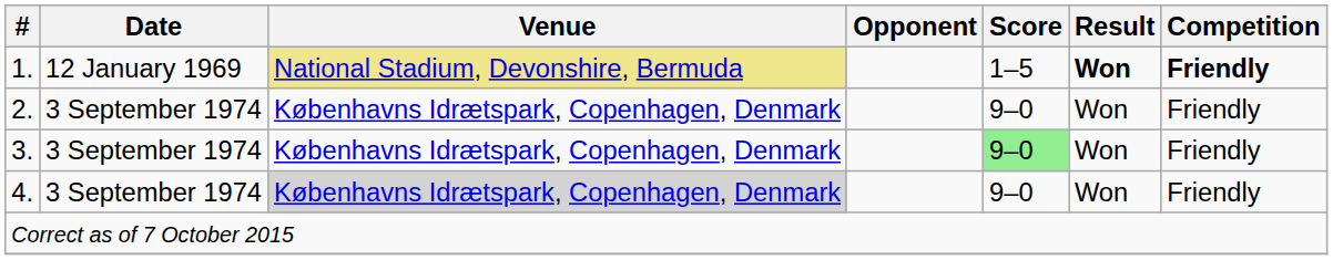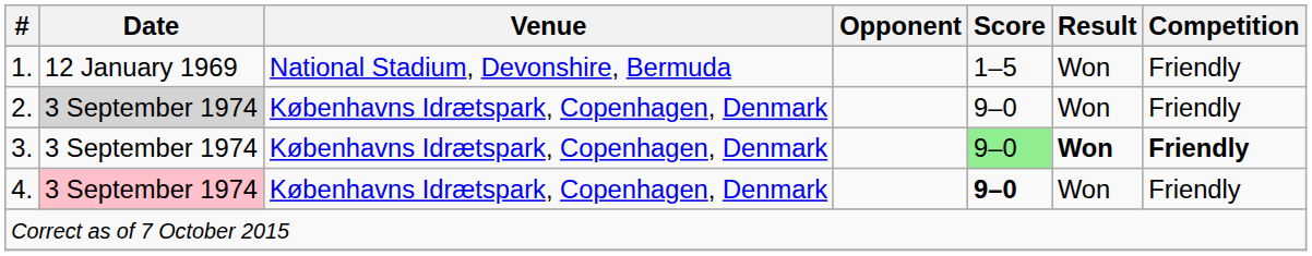 <table class="wikitable" style="font-size:95%;">
 <tr>
 <th>#</th>
 <th>Date</th>
 <th>Venue</th>
 <th>Opponent</th>
 <th>Score</th>
 <th>Result</th>
 <th>Competition</th>
 </tr>
 <tr>
 <td>1.</td>
 <td>12 January 1969</td>
-<td style="background: khaki;"><a href='#'>National Stadium</a>, <a href='#'>Devonshire</a>, <a href='#'>Bermuda</a></td>
+<td><a href='#'>National Stadium</a>, <a href='#'>Devonshire</a>, <a href='#'>Bermuda</a></td>
 <td></td>
 <td>1–5</td>
-<td><strong>Won</strong></td>
-<td><strong>Friendly</strong></td>
+<td>Won</td>
+<td>Friendly</td>
 </tr>
 <tr>
 <td>2.</td>
-<td>3 September 1974</td>
+<td style="background: lightgrey;">3 September 1974</td>
 <td><a href='#'>Københavns Idrætspark</a>, <a href='#'>Copenhagen</a>, <a href='#'>Denmark</a></td>
 <td></td>
 <td>9–0</td>
 <td>Won</td>
 <td>Friendly</td>
 </tr>
 <tr>
 <td>3.</td>
 <td>3 September 1974</td>
 <td><a href='#'>Københavns Idrætspark</a>, <a href='#'>Copenhagen</a>, <a href='#'>Denmark</a></td>
 <td></td>
 <td style="background: lightgreen;">9–0</td>
-<td>Won</td>
-<td>Friendly</td>
+<td><strong>Won</strong></td>
+<td><strong>Friendly</strong></td>
 </tr>
 <tr>
 <td>4.</td>
-<td>3 September 1974</td>
-<td style="background: lightgrey;"><a href='#'>Københavns Idrætspark</a>, <a href='#'>Copenhagen</a>, <a href='#'>Denmark</a></td>
+<td style="background: pink;">3 September 1974</td>
+<td><a href='#'>Københavns Idrætspark</a>, <a href='#'>Copenhagen</a>, <a href='#'>Denmark</a></td>
 <td></td>
-<td>9–0</td>
+<td><strong>9–0</strong></td>
 <td>Won</td>
 <td>Friendly</td>
 </tr>
 <tr>
 <td colspan="12"><small><em>Correct as of 7 October 2015</em></small></td>
 </tr>
 <tr>
 </tr>
 </table>
